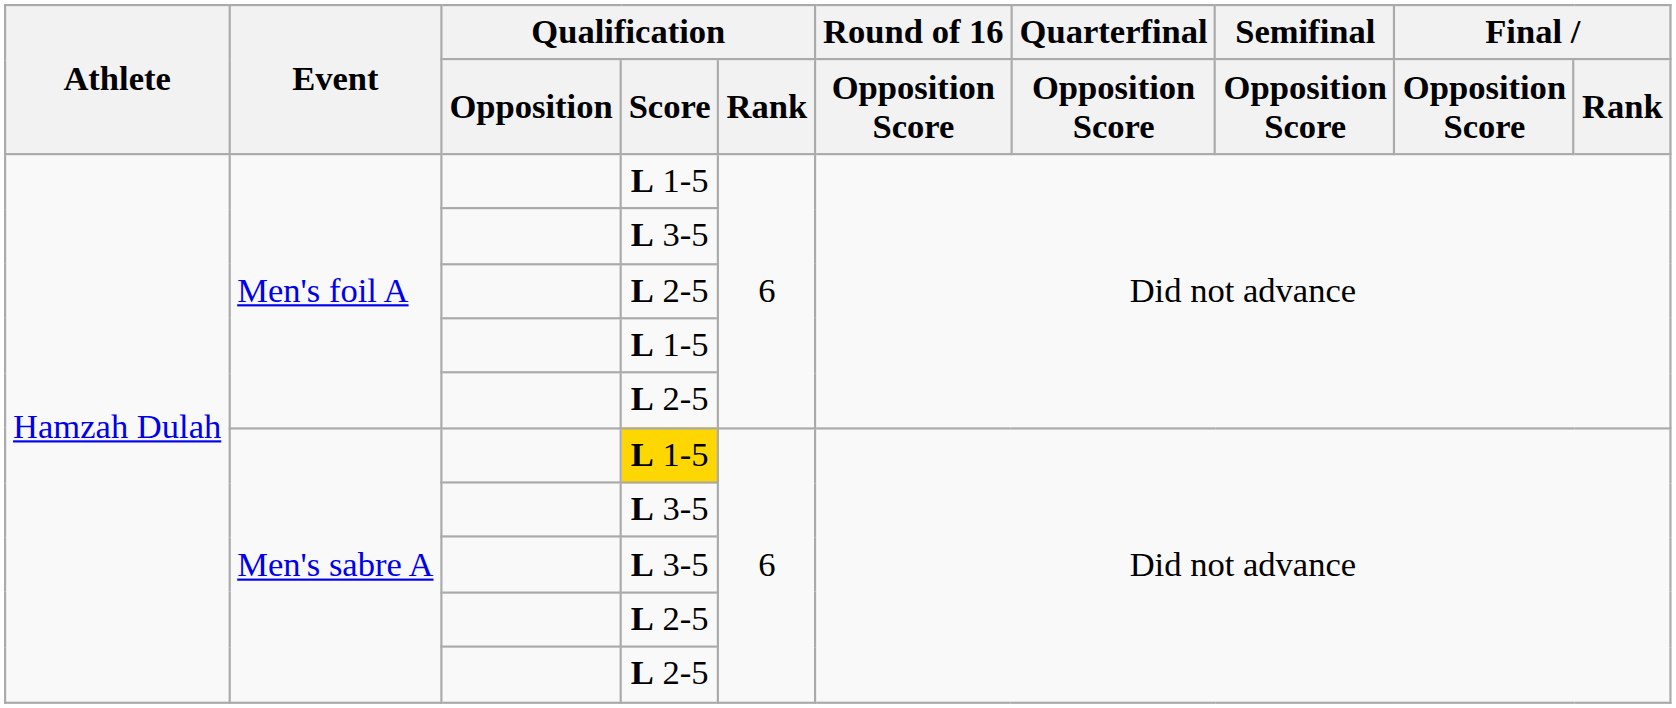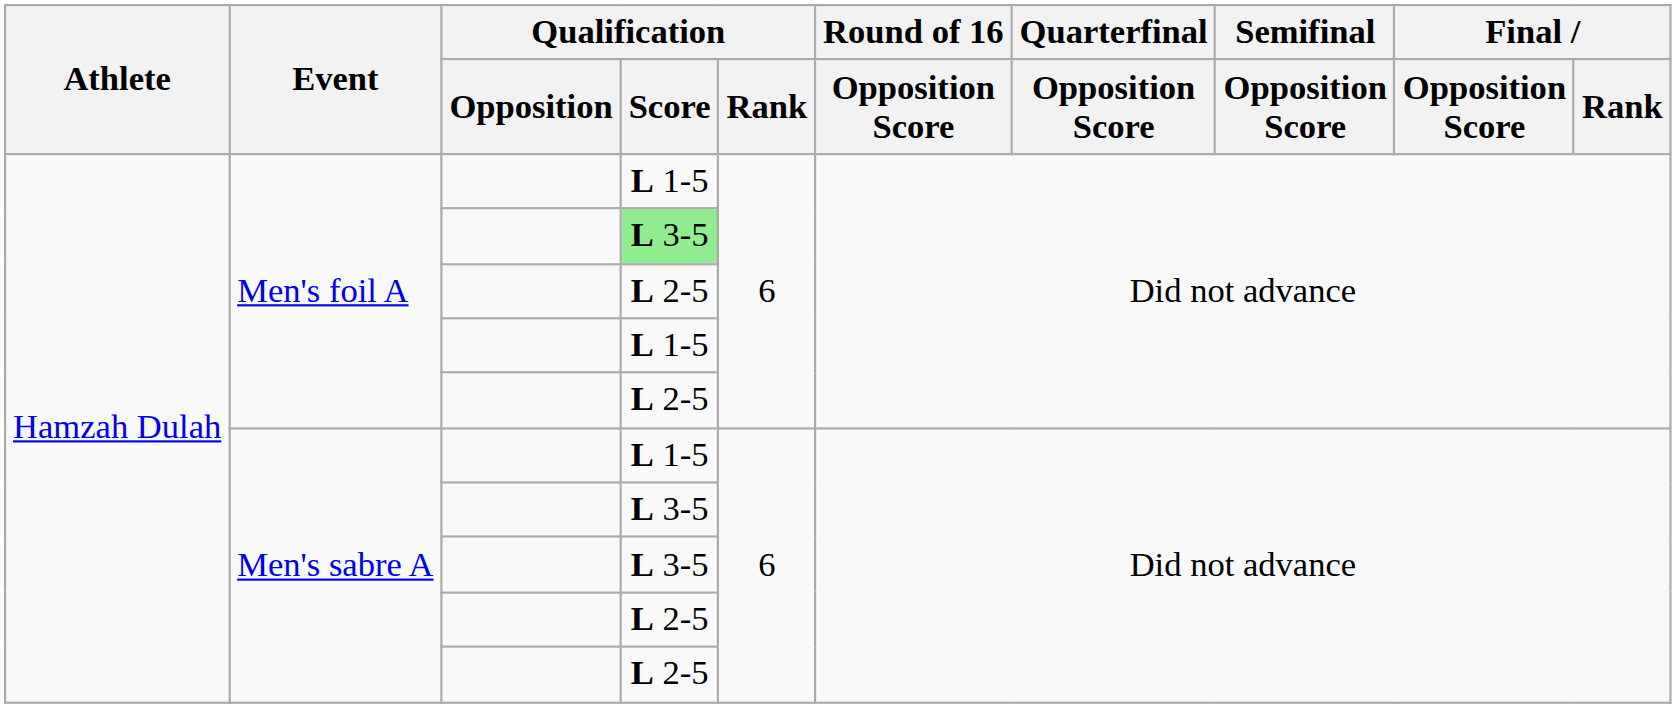 <table class="wikitable">
 <tr>
 <th rowspan="2">Athlete</th>
 <th rowspan="2">Event</th>
 <th colspan="3">Qualification</th>
 <th>Round of 16</th>
 <th>Quarterfinal</th>
 <th>Semifinal</th>
 <th colspan="2">Final / </th>
 </tr>
 <tr>
 <th>Opposition</th>
 <th>Score</th>
 <th>Rank</th>
 <th>Opposition<br>Score</th>
 <th>Opposition<br>Score</th>
 <th>Opposition<br>Score</th>
 <th>Opposition<br>Score</th>
 <th>Rank</th>
 </tr>
 <tr>
 <td rowspan="10"><a href='#'>Hamzah Dulah</a></td>
 <td rowspan="5"><a href='#'>Men's foil A</a></td>
 <td></td>
 <td style="text-align:center;"><strong>L</strong> 1-5</td>
 <td rowspan="5" style="text-align:center;">6</td>
 <td colspan="5" rowspan="5" style="text-align:center;">Did not advance</td>
 </tr>
 <tr>
 <td></td>
-<td style="text-align:center;"><strong>L</strong> 3-5</td>
+<td style="background: lightgreen; text-align:center;"><strong>L</strong> 3-5</td>
 </tr>
 <tr>
 <td></td>
 <td style="text-align:center;"><strong>L</strong> 2-5</td>
 </tr>
 <tr>
 <td></td>
 <td style="text-align:center;"><strong>L</strong> 1-5</td>
 </tr>
 <tr>
 <td></td>
 <td style="text-align:center;"><strong>L</strong> 2-5</td>
 </tr>
 <tr>
 <td rowspan="5"><a href='#'>Men's sabre A</a></td>
 <td></td>
-<td style="background: gold; text-align:center;"><strong>L</strong> 1-5</td>
+<td style="text-align:center;"><strong>L</strong> 1-5</td>
 <td rowspan="5" style="text-align:center;">6</td>
 <td colspan="5" rowspan="5" style="text-align:center;">Did not advance</td>
 </tr>
 <tr>
 <td></td>
 <td style="text-align:center;"><strong>L</strong> 3-5</td>
 </tr>
 <tr>
 <td></td>
 <td style="text-align:center;"><strong>L</strong> 3-5</td>
 </tr>
 <tr>
 <td></td>
 <td style="text-align:center;"><strong>L</strong> 2-5</td>
 </tr>
 <tr>
 <td></td>
 <td style="text-align:center;"><strong>L</strong> 2-5</td>
 </tr>
 </table>
